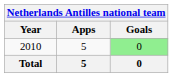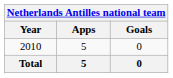 <table class="wikitable" style="text-align:center">
 <tr>
 <th colspan=3><a href='#'>Netherlands Antilles national team</a></th>
 </tr>
 <tr>
 <th>Year</th>
 <th>Apps</th>
 <th>Goals</th>
 </tr>
 <tr>
 <td>2010</td>
 <td>5</td>
-<td style="background: lightgreen;">0</td>
+<td>0</td>
 </tr>
 <tr>
 <th>Total</th>
 <th>5</th>
 <th>0</th>
 </tr>
 </table>
